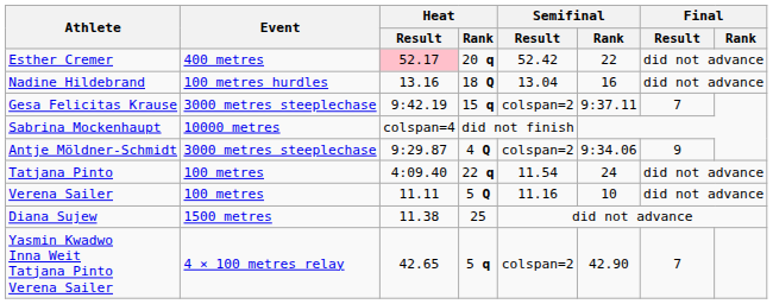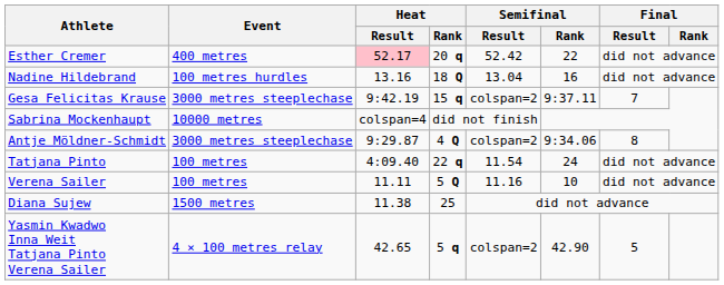 <table class="wikitable" style="font-size:90%">
 <tr>
 <th rowspan="2">Athlete</th>
 <th rowspan="2">Event</th>
 <th colspan="2">Heat</th>
 <th colspan="2">Semifinal</th>
 <th colspan="2">Final</th>
 </tr>
 <tr style="font-size:95%">
 <th>Result</th>
 <th>Rank</th>
 <th>Result</th>
 <th>Rank</th>
 <th>Result</th>
 <th>Rank</th>
 </tr>
 <tr align=center>
 <td align=left><a href='#'>Esther Cremer</a></td>
 <td align=left><a href='#'>400 metres</a></td>
 <td style="background: pink;">52.17</td>
 <td>20 <strong>q</strong></td>
 <td>52.42</td>
 <td>22</td>
 <td colspan=2>did not advance</td>
 </tr>
 <tr align=center>
 <td align=left><a href='#'>Nadine Hildebrand</a></td>
 <td align=left><a href='#'>100 metres hurdles</a></td>
 <td>13.16</td>
 <td>18 <strong>Q</strong></td>
 <td>13.04</td>
 <td>16</td>
 <td colspan=2>did not advance</td>
 </tr>
 <tr align=center>
 <td align=left><a href='#'>Gesa Felicitas Krause</a></td>
 <td align=left><a href='#'>3000 metres steeplechase</a></td>
 <td>9:42.19</td>
 <td>15 <strong>q</strong></td>
 <td>colspan=2 </td>
 <td>9:37.11</td>
 <td>7</td>
 </tr>
 <tr align=center>
 <td align=left><a href='#'>Sabrina Mockenhaupt</a></td>
 <td align=left><a href='#'>10000 metres</a></td>
 <td>colspan=4 </td>
 <td colspan=2>did not finish</td>
 </tr>
 <tr align=center>
 <td align=left><a href='#'>Antje Möldner-Schmidt</a></td>
 <td align=left><a href='#'>3000 metres steeplechase</a></td>
 <td>9:29.87</td>
 <td>4 <strong>Q</strong></td>
 <td>colspan=2 </td>
 <td>9:34.06</td>
-<td>9</td>
+<td>8</td>
 </tr>
 <tr align=center>
 <td align=left><a href='#'>Tatjana Pinto</a></td>
 <td align=left><a href='#'>100 metres</a></td>
 <td>4:09.40</td>
 <td>22 <strong>q</strong></td>
 <td>11.54</td>
 <td>24</td>
 <td colspan=2>did not advance</td>
 </tr>
 <tr align=center>
 <td align=left><a href='#'>Verena Sailer</a></td>
 <td align=left><a href='#'>100 metres</a></td>
 <td>11.11</td>
 <td>5 <strong>Q</strong></td>
 <td>11.16</td>
 <td>10</td>
 <td colspan=2>did not advance</td>
 </tr>
 <tr align=center>
 <td align=left><a href='#'>Diana Sujew</a></td>
 <td align=left><a href='#'>1500 metres</a></td>
 <td>11.38</td>
 <td>25</td>
 <td colspan=4>did not advance</td>
 </tr>
 <tr align=center>
 <td align=left><a href='#'>Yasmin Kwadwo</a><br><a href='#'>Inna Weit</a><br><a href='#'>Tatjana Pinto</a><br><a href='#'>Verena Sailer</a></td>
 <td align=left><a href='#'>4 × 100 metres relay</a></td>
 <td>42.65</td>
 <td>5 <strong>q</strong></td>
 <td>colspan=2 </td>
 <td>42.90</td>
-<td>7</td>
+<td>5</td>
 </tr>
 </table>
